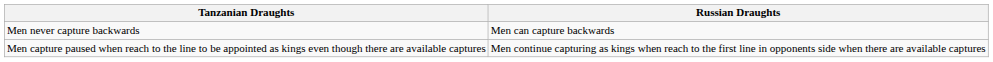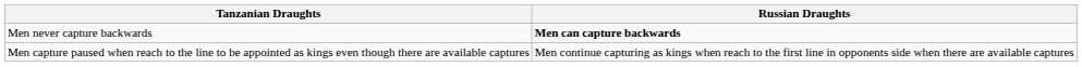 <table class="wikitable">
 <tr>
 <th>Tanzanian Draughts</th>
 <th>Russian Draughts</th>
 </tr>
 <tr>
 <td>Men never capture backwards</td>
-<td>Men can capture backwards</td>
+<td><strong>Men can capture backwards</strong></td>
 </tr>
 <tr>
 <td>Men capture paused when reach to the line to be appointed as kings even though there are available captures</td>
 <td>Men continue capturing as kings when reach to the first line in opponents side when there are available captures</td>
 </tr>
 </table>
